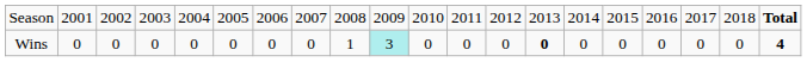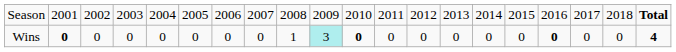 <table class="wikitable sortable">
 <tr>
 <td>Season</td>
 <td>2001</td>
 <td>2002</td>
 <td>2003</td>
 <td>2004</td>
 <td>2005</td>
 <td>2006</td>
 <td>2007</td>
 <td>2008</td>
 <td>2009</td>
 <td>2010</td>
 <td>2011</td>
 <td>2012</td>
 <td>2013</td>
 <td>2014</td>
 <td>2015</td>
 <td>2016</td>
 <td>2017</td>
 <td>2018</td>
 <td><strong>Total</strong></td>
 </tr>
 <tr style="text-align:center;">
 <td>Wins</td>
-<td>0</td>
+<td><strong>0</strong></td>
 <td>0</td>
 <td>0</td>
 <td>0</td>
 <td>0</td>
 <td>0</td>
 <td>0</td>
 <td>1</td>
 <td style="background: paleturquoise;">3</td>
+<td><strong>0</strong></td>
+<td>0</td>
+<td>0</td>
 <td>0</td>
 <td>0</td>
 <td>0</td>
 <td><strong>0</strong></td>
 <td>0</td>
 <td>0</td>
-<td>0</td>
-<td>0</td>
-<td>0</td>
 <td><strong>4</strong></td>
 </tr>
 </table>
